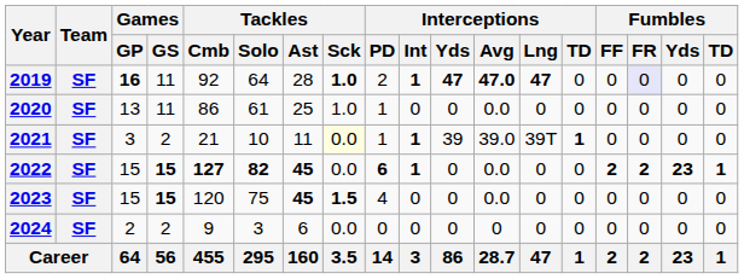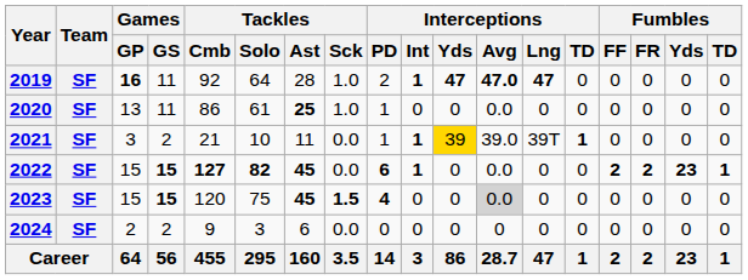 <table class="wikitable" style="text-align:center;">
 <tr>
 <th rowspan="2">Year</th>
 <th rowspan="2">Team</th>
 <th colspan="2">Games</th>
 <th colspan="4">Tackles</th>
 <th colspan="6">Interceptions</th>
 <th colspan="4">Fumbles</th>
 </tr>
 <tr>
 <th>GP</th>
 <th>GS</th>
 <th>Cmb</th>
 <th>Solo</th>
 <th>Ast</th>
 <th>Sck</th>
 <th>PD</th>
 <th>Int</th>
 <th>Yds</th>
 <th>Avg</th>
 <th>Lng</th>
 <th>TD</th>
 <th>FF</th>
 <th>FR</th>
 <th>Yds</th>
 <th>TD</th>
 </tr>
 <tr>
 <th><a href='#'>2019</a></th>
 <th><a href='#'>SF</a></th>
 <td><strong>16</strong></td>
 <td>11</td>
 <td>92</td>
 <td>64</td>
 <td>28</td>
-<td><strong>1.0</strong></td>
+<td>1.0</td>
 <td>2</td>
 <td><strong>1</strong></td>
 <td><strong>47</strong></td>
 <td><strong>47.0</strong></td>
 <td><strong>47</strong></td>
 <td>0</td>
 <td>0</td>
-<td style="background: lavender;">0</td>
+<td>0</td>
 <td>0</td>
 <td>0</td>
 </tr>
 <tr>
 <th><a href='#'>2020</a></th>
 <th><a href='#'>SF</a></th>
 <td>13</td>
 <td>11</td>
 <td>86</td>
 <td>61</td>
-<td>25</td>
+<td><strong>25</strong></td>
 <td>1.0</td>
 <td>1</td>
 <td>0</td>
 <td>0</td>
 <td>0.0</td>
 <td>0</td>
 <td>0</td>
 <td>0</td>
 <td>0</td>
 <td>0</td>
 <td>0</td>
 </tr>
 <tr>
 <th><a href='#'>2021</a></th>
 <th><a href='#'>SF</a></th>
 <td>3</td>
 <td>2</td>
 <td>21</td>
 <td>10</td>
 <td>11</td>
-<td style="background: lightyellow;">0.0</td>
+<td>0.0</td>
 <td>1</td>
 <td><strong>1</strong></td>
-<td>39</td>
+<td style="background: gold;">39</td>
 <td>39.0</td>
 <td>39T</td>
 <td><strong>1</strong></td>
 <td>0</td>
 <td>0</td>
 <td>0</td>
 <td>0</td>
 </tr>
 <tr>
 <th><a href='#'>2022</a></th>
 <th><a href='#'>SF</a></th>
 <td>15</td>
 <td><strong>15</strong></td>
 <td><strong>127</strong></td>
 <td><strong>82</strong></td>
 <td><strong>45</strong></td>
 <td>0.0</td>
 <td><strong>6</strong></td>
 <td><strong>1</strong></td>
 <td>0</td>
 <td>0.0</td>
 <td>0</td>
 <td>0</td>
 <td><strong>2</strong></td>
 <td><strong>2</strong></td>
 <td><strong>23</strong></td>
 <td><strong>1</strong></td>
 </tr>
 <tr>
 <th><a href='#'>2023</a></th>
 <th><a href='#'>SF</a></th>
 <td>15</td>
 <td><strong>15</strong></td>
 <td>120</td>
 <td>75</td>
 <td><strong>45</strong></td>
 <td><strong>1.5</strong></td>
-<td>4</td>
+<td><strong>4</strong></td>
 <td>0</td>
 <td>0</td>
-<td>0.0</td>
+<td style="background: lightgrey;">0.0</td>
 <td>0</td>
 <td>0</td>
 <td>0</td>
 <td>0</td>
 <td>0</td>
 <td>0</td>
 </tr>
 <tr>
 <th><a href='#'>2024</a></th>
 <th><a href='#'>SF</a></th>
 <td>2</td>
 <td>2</td>
 <td>9</td>
 <td>3</td>
 <td>6</td>
 <td>0.0</td>
 <td>0</td>
 <td>0</td>
 <td>0</td>
 <td>0</td>
 <td>0</td>
 <td>0</td>
 <td>0</td>
 <td>0</td>
 <td>0</td>
 <td>0</td>
 </tr>
 <tr>
 <th colspan="2">Career</th>
 <th>64</th>
 <th>56</th>
 <th>455</th>
 <th>295</th>
 <th>160</th>
 <th>3.5</th>
 <th>14</th>
 <th>3</th>
 <th>86</th>
 <th>28.7</th>
 <th>47</th>
 <th>1</th>
 <th>2</th>
 <th>2</th>
 <th>23</th>
 <th>1</th>
 </tr>
 </table>
